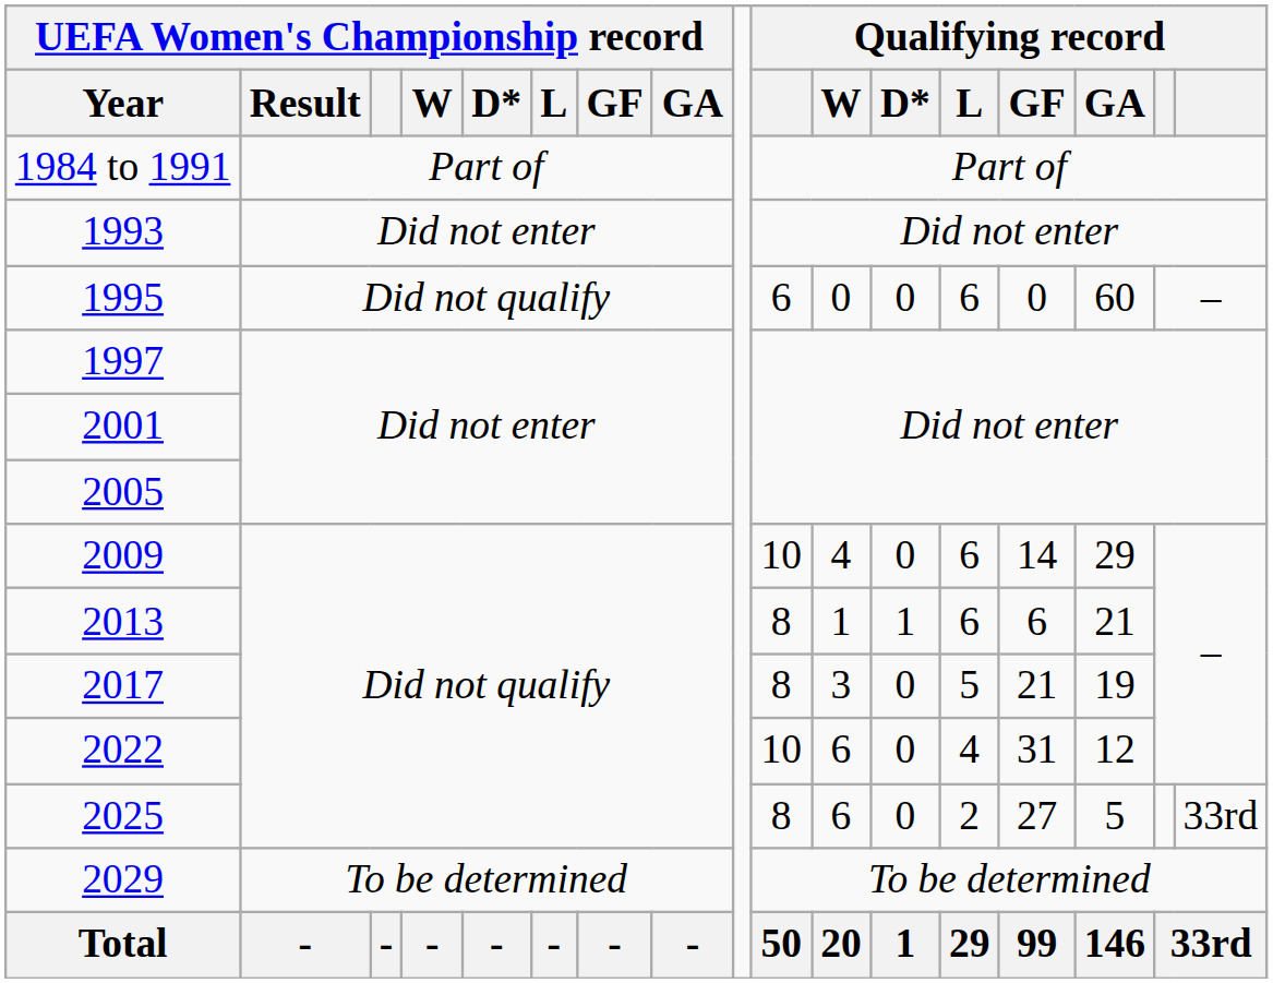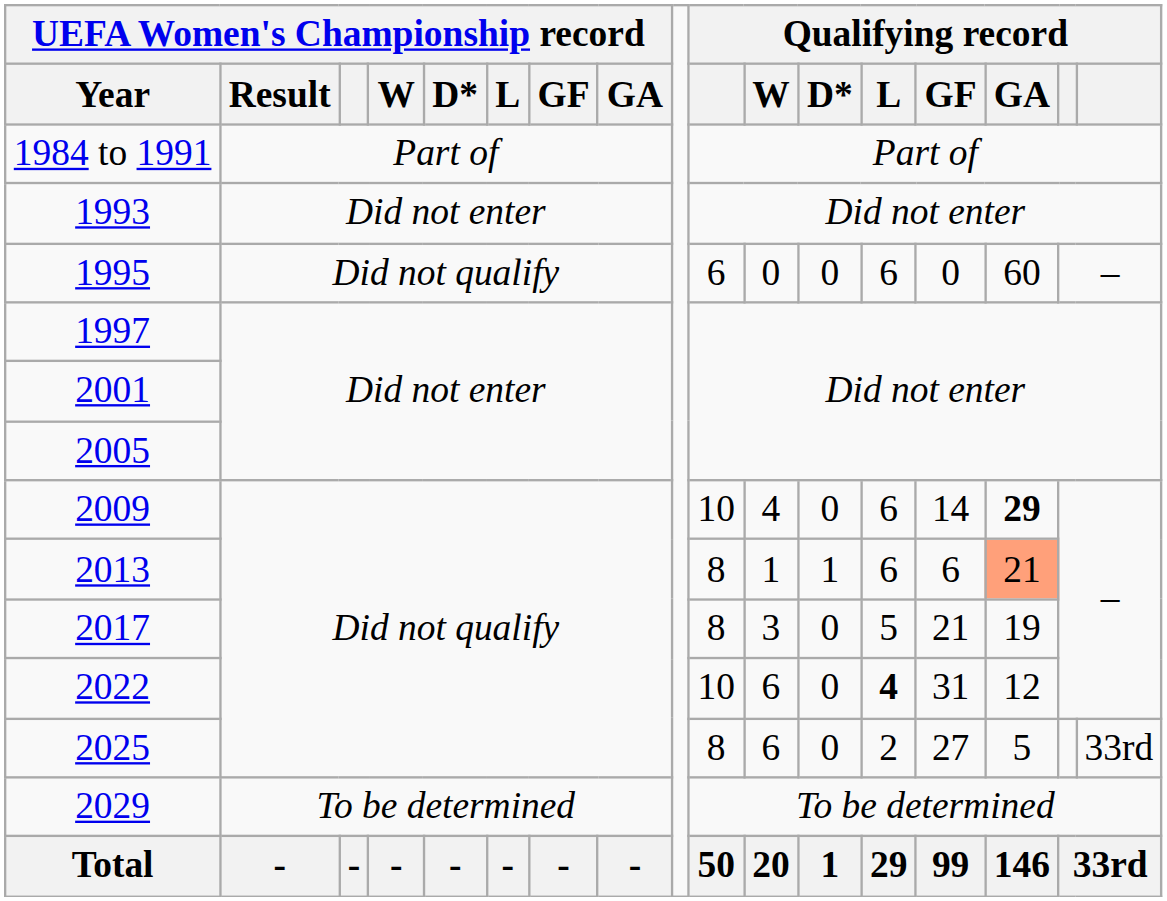 <table class="wikitable" style="text-align: center;">
 <tr>
 <th colspan=8><a href='#'>UEFA Women's Championship</a> record</th>
 <td rowspan=100></td>
 <th colspan=8>Qualifying record</th>
 </tr>
 <tr>
 <th>Year</th>
 <th>Result</th>
 <th></th>
 <th>W</th>
 <th>D*</th>
 <th>L</th>
 <th>GF</th>
 <th>GA<br></th>
 <th></th>
 <th>W</th>
 <th>D*</th>
 <th>L</th>
 <th>GF</th>
 <th>GA</th>
 <th></th>
 <th></th>
 </tr>
 <tr>
 <td><a href='#'>1984</a> to  <a href='#'>1991</a></td>
 <td colspan=7><em>Part of </em></td>
 <td colspan=8><em>Part of </em></td>
 </tr>
 <tr>
 <td> <a href='#'>1993</a></td>
 <td colspan=7><em>Did not enter</em></td>
 <td colspan=8><em>Did not enter</em></td>
 </tr>
 <tr>
 <td> <a href='#'>1995</a></td>
 <td colspan=7><em>Did not qualify</em></td>
 <td>6</td>
 <td>0</td>
 <td>0</td>
 <td>6</td>
 <td>0</td>
 <td>60</td>
 <td colspan=2>–</td>
 </tr>
 <tr>
 <td> <a href='#'>1997</a></td>
 <td colspan=7 rowspan=3><em>Did not enter</em></td>
 <td colspan=8 rowspan=3><em>Did not enter</em></td>
 </tr>
 <tr>
 <td> <a href='#'>2001</a></td>
 </tr>
 <tr>
 <td> <a href='#'>2005</a></td>
 </tr>
 <tr>
 <td> <a href='#'>2009</a></td>
 <td colspan=7 rowspan=5><em>Did not qualify</em></td>
 <td>10</td>
 <td>4</td>
 <td>0</td>
 <td>6</td>
 <td>14</td>
-<td>29</td>
+<td><strong>29</strong></td>
 <td colspan=2 rowspan=4>–</td>
 </tr>
 <tr>
 <td> <a href='#'>2013</a></td>
 <td>8</td>
 <td>1</td>
 <td>1</td>
 <td>6</td>
 <td>6</td>
-<td>21</td>
+<td style="background: lightsalmon;">21</td>
 </tr>
 <tr>
 <td> <a href='#'>2017</a></td>
 <td>8</td>
 <td>3</td>
 <td>0</td>
 <td>5</td>
 <td>21</td>
 <td>19</td>
 </tr>
 <tr>
 <td> <a href='#'>2022</a></td>
 <td>10</td>
 <td>6</td>
 <td>0</td>
-<td>4</td>
+<td><strong>4</strong></td>
 <td>31</td>
 <td>12</td>
 </tr>
 <tr>
 <td> <a href='#'>2025</a></td>
 <td>8</td>
 <td>6</td>
 <td>0</td>
 <td>2</td>
 <td>27</td>
 <td>5</td>
 <td></td>
 <td>33rd</td>
 </tr>
 <tr>
 <td><a href='#'>2029</a></td>
 <td colspan=7><em>To be determined</em></td>
 <td colspan=8><em>To be determined</em></td>
 </tr>
 <tr>
 <th>Total</th>
 <th>-</th>
 <th>-</th>
 <th>-</th>
 <th>-</th>
 <th>-</th>
 <th>-</th>
 <th>-</th>
 <th>50</th>
 <th>20</th>
 <th>1</th>
 <th>29</th>
 <th>99</th>
 <th>146</th>
 <th colspan=2>33rd</th>
 </tr>
 </table>
